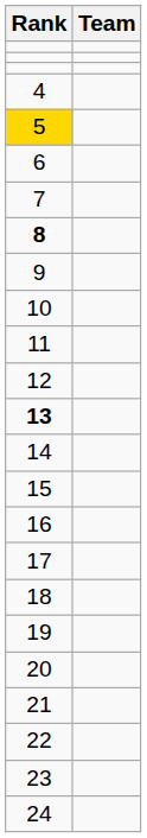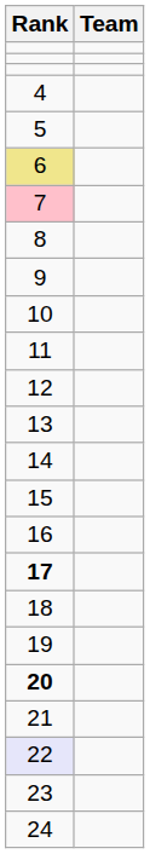 <table class="wikitable" style="text-align:center;">
 <tr>
 <th width=40>Rank</th>
 <th>Team</th>
 </tr>
 <tr>
 <td></td>
 <td style="text-align:left;"></td>
 </tr>
 <tr>
 <td></td>
 <td style="text-align:left;"></td>
 </tr>
 <tr>
 <td></td>
 <td style="text-align:left;"></td>
 </tr>
 <tr>
 <td>4</td>
 <td style="text-align:left;"></td>
 </tr>
 <tr>
-<td style="background: gold;">5</td>
+<td>5</td>
 <td style="text-align:left;"></td>
 </tr>
 <tr>
-<td>6</td>
+<td style="background: khaki;">6</td>
 <td style="text-align:left;"></td>
 </tr>
 <tr>
-<td>7</td>
+<td style="background: pink;">7</td>
 <td style="text-align:left;"></td>
 </tr>
 <tr>
-<td><strong>8</strong></td>
+<td>8</td>
 <td style="text-align:left;"></td>
 </tr>
 <tr>
 <td>9</td>
 <td style="text-align:left;"></td>
 </tr>
 <tr>
 <td>10</td>
 <td style="text-align:left;"></td>
 </tr>
 <tr>
 <td>11</td>
 <td style="text-align:left;"></td>
 </tr>
 <tr>
 <td>12</td>
 <td style="text-align:left;"></td>
 </tr>
 <tr>
-<td><strong>13</strong></td>
+<td>13</td>
 <td style="text-align:left;"></td>
 </tr>
 <tr>
 <td>14</td>
 <td style="text-align:left;"></td>
 </tr>
 <tr>
 <td>15</td>
 <td style="text-align:left;"></td>
 </tr>
 <tr>
 <td>16</td>
 <td style="text-align:left;"></td>
 </tr>
 <tr>
-<td>17</td>
+<td><strong>17</strong></td>
 <td style="text-align:left;"></td>
 </tr>
 <tr>
 <td>18</td>
 <td style="text-align:left;"></td>
 </tr>
 <tr>
 <td>19</td>
 <td style="text-align:left;"></td>
 </tr>
 <tr>
-<td>20</td>
+<td><strong>20</strong></td>
 <td style="text-align:left;"></td>
 </tr>
 <tr>
 <td>21</td>
 <td style="text-align:left;"></td>
 </tr>
 <tr>
-<td>22</td>
+<td style="background: lavender;">22</td>
 <td style="text-align:left;"></td>
 </tr>
 <tr>
 <td>23</td>
 <td style="text-align:left;"></td>
 </tr>
 <tr>
 <td>24</td>
 <td style="text-align:left;"></td>
 </tr>
 </table>
